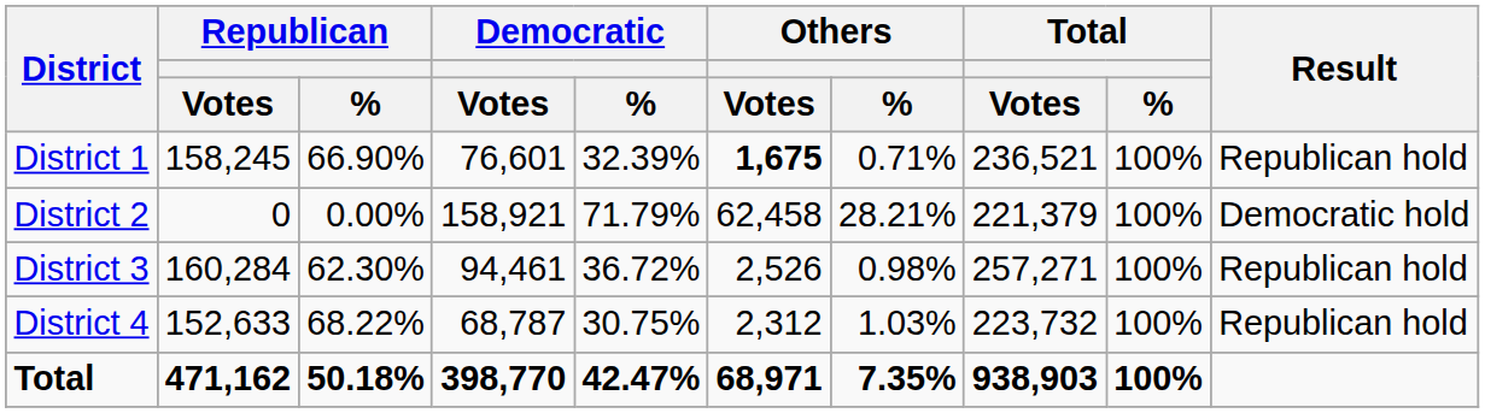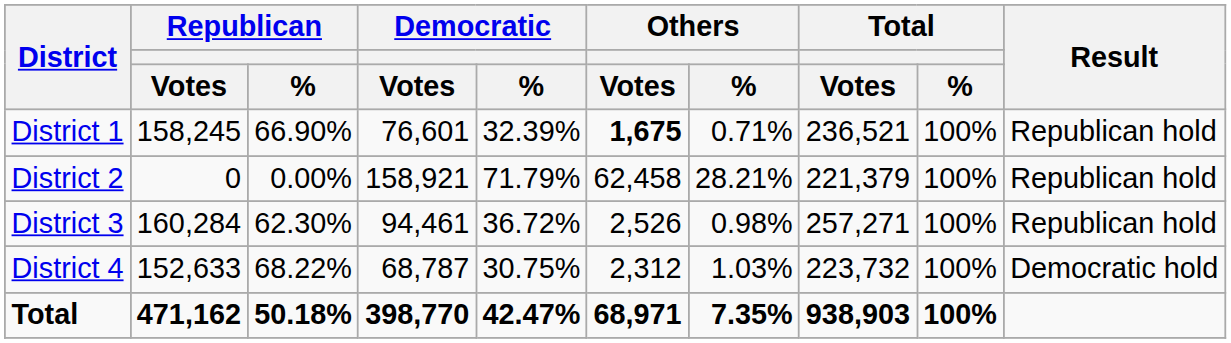 <table class="wikitable plainrowheaders sortable" style="font-size:100%; text-align:right;">
 <tr>
 <th scope=col rowspan=3><a href='#'>District</a></th>
 <th scope=col colspan=2><a href='#'>Republican</a></th>
 <th scope=col colspan=2><a href='#'>Democratic</a></th>
 <th scope=col colspan=2>Others</th>
 <th scope=col colspan=2>Total</th>
 <th scope=col rowspan=3>Result</th>
 </tr>
 <tr>
 <th scope=col colspan=2 style="background:"></th>
 <th scope=col colspan=2 style="background:"></th>
 <th scope=col colspan=2></th>
 <th scope=col colspan=2></th>
 </tr>
 <tr>
 <th scope=col data-sort-type="number">Votes</th>
 <th scope=col data-sort-type="number">%</th>
 <th scope=col data-sort-type="number">Votes</th>
 <th scope=col data-sort-type="number">%</th>
 <th scope=col data-sort-type="number">Votes</th>
 <th scope=col data-sort-type="number">%</th>
 <th scope=col data-sort-type="number">Votes</th>
 <th scope=col data-sort-type="number">%</th>
 </tr>
 <tr>
 <td align=left><a href='#'>District 1</a></td>
 <td>158,245</td>
 <td>66.90%</td>
 <td>76,601</td>
 <td>32.39%</td>
 <td><strong>1,675</strong></td>
 <td>0.71%</td>
 <td>236,521</td>
 <td>100%</td>
 <td align=left>Republican hold</td>
 </tr>
 <tr>
 <td align=left><a href='#'>District 2</a></td>
 <td>0</td>
 <td>0.00%</td>
 <td>158,921</td>
 <td>71.79%</td>
 <td>62,458</td>
 <td>28.21%</td>
 <td>221,379</td>
 <td>100%</td>
-<td align=left>Democratic hold</td>
+<td align=left>Republican hold</td>
 </tr>
 <tr>
 <td align=left><a href='#'>District 3</a></td>
 <td>160,284</td>
 <td>62.30%</td>
 <td>94,461</td>
 <td>36.72%</td>
 <td>2,526</td>
 <td>0.98%</td>
 <td>257,271</td>
 <td>100%</td>
 <td align=left>Republican hold</td>
 </tr>
 <tr>
 <td align=left><a href='#'>District 4</a></td>
 <td>152,633</td>
 <td>68.22%</td>
 <td>68,787</td>
 <td>30.75%</td>
 <td>2,312</td>
 <td>1.03%</td>
 <td>223,732</td>
 <td>100%</td>
-<td align=left>Republican hold</td>
+<td align=left>Democratic hold</td>
 </tr>
 <tr class="sortbottom" style="font-weight:bold">
 <td align=left>Total</td>
 <td>471,162</td>
 <td>50.18%</td>
 <td>398,770</td>
 <td>42.47%</td>
 <td>68,971</td>
 <td>7.35%</td>
 <td>938,903</td>
 <td>100%</td>
 <td></td>
 </tr>
 </table>
